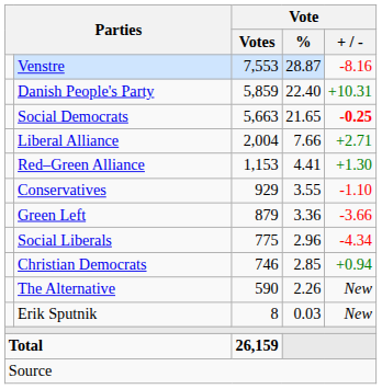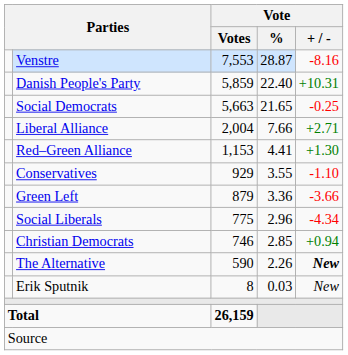 <table class="wikitable" style="text-align:right;">
 <tr>
 <th style="text-align:centre;" rowspan="2" colspan="2" width="225">Parties</th>
 <th colspan="3">Vote</th>
 </tr>
 <tr>
 <th width="15">Votes</th>
 <th width="15">%</th>
 <th width="15">+ / -</th>
 </tr>
 <tr>
 <td width="2" style="color:inherit;background:"></td>
 <td bgcolor=#cfe5fe  align="left"><a href='#'>Venstre</a></td>
 <td bgcolor=#cfe5fe>7,553</td>
 <td bgcolor=#cfe5fe>28.87</td>
 <td style=color:red;>-8.16</td>
 </tr>
 <tr>
 <td width="2" style="color:inherit;background:"></td>
 <td align="left"><a href='#'>Danish People's Party</a></td>
 <td>5,859</td>
 <td>22.40</td>
 <td style=color:green;>+10.31</td>
 </tr>
 <tr>
 <td width="2" style="color:inherit;background:"></td>
 <td align="left"><a href='#'>Social Democrats</a></td>
 <td>5,663</td>
 <td>21.65</td>
-<td style=color:red;><strong>-0.25</strong></td>
+<td style=color:red;>-0.25</td>
 </tr>
 <tr>
 <td width="2" style="color:inherit;background:"></td>
 <td align="left"><a href='#'>Liberal Alliance</a></td>
 <td>2,004</td>
 <td>7.66</td>
 <td style=color:green;>+2.71</td>
 </tr>
 <tr>
 <td width="2" style="color:inherit;background:"></td>
 <td align="left"><a href='#'>Red–Green Alliance</a></td>
 <td>1,153</td>
 <td>4.41</td>
 <td style=color:green;>+1.30</td>
 </tr>
 <tr>
 <td width="2" style="color:inherit;background:"></td>
 <td align="left"><a href='#'>Conservatives</a></td>
 <td>929</td>
 <td>3.55</td>
 <td style=color:red;>-1.10</td>
 </tr>
 <tr>
 <td width="2" style="color:inherit;background:"></td>
 <td align="left"><a href='#'>Green Left</a></td>
 <td>879</td>
 <td>3.36</td>
 <td style=color:red;>-3.66</td>
 </tr>
 <tr>
 <td width="2" style="color:inherit;background:"></td>
 <td align="left"><a href='#'>Social Liberals</a></td>
 <td>775</td>
 <td>2.96</td>
 <td style=color:red;>-4.34</td>
 </tr>
 <tr>
 <td width="2" style="color:inherit;background:"></td>
 <td align="left"><a href='#'>Christian Democrats</a></td>
 <td>746</td>
 <td>2.85</td>
 <td style=color:green;>+0.94</td>
 </tr>
 <tr>
 <td width="2" style="color:inherit;background:"></td>
 <td align="left"><a href='#'>The Alternative</a></td>
 <td>590</td>
 <td>2.26</td>
-<td><em>New</em></td>
+<td><strong><em>New</em></strong></td>
 </tr>
 <tr>
 <td width="2" style="color:inherit;background:"></td>
 <td align="left">Erik Sputnik</td>
 <td>8</td>
 <td>0.03</td>
 <td><em>New</em></td>
 </tr>
 <tr>
 <td colspan="7" bgcolor="#E9E9E9"></td>
 </tr>
 <tr>
 <td align="left" colspan="2"><strong>Total</strong></td>
 <td><strong>26,159</strong></td>
 <td bgcolor="#E9E9E9" colspan="2"></td>
 </tr>
 <tr>
 <td align="left" colspan="6">Source</td>
 </tr>
 </table>
